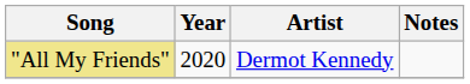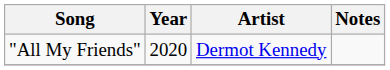 <table class="wikitable sortable">
 <tr>
 <th>Song</th>
 <th>Year</th>
 <th>Artist</th>
 <th class="unsortable">Notes</th>
 </tr>
 <tr>
-<td style="background: khaki;">"All My Friends"</td>
+<td>"All My Friends"</td>
 <td>2020</td>
 <td><a href='#'>Dermot Kennedy</a></td>
 <td></td>
 </tr>
 <tr>
 </tr>
 </table>
